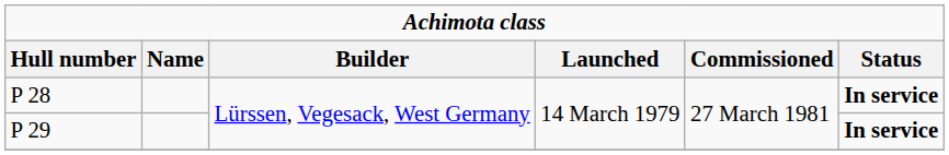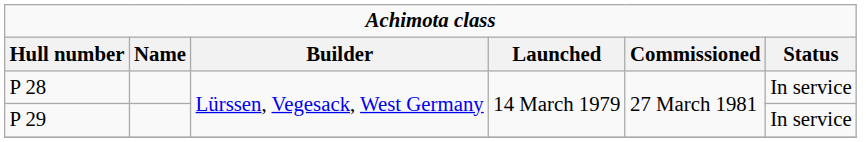 <table class="wikitable">
 <tr>
 <td colspan=6 align=center><strong><em>Achimota<em> class<strong></td>
 </tr>
 <tr>
 <th>Hull number</th>
 <th>Name</th>
 <th>Builder</th>
 <th>Launched</th>
 <th>Commissioned</th>
 <th>Status</th>
 </tr>
 <tr>
 <td>P 28</td>
 <td></td>
 <td rowspan=2><a href='#'>Lürssen</a>, <a href='#'>Vegesack</a>, <a href='#'>West Germany</a></td>
 <td rowspan=2>14 March 1979</td>
 <td rowspan=2>27 March 1981</td>
-<td><strong>In service</strong></td>
+<td>In service</td>
 </tr>
 <tr>
 <td>P 29</td>
 <td></td>
-<td><strong>In service</strong></td>
+<td>In service</td>
 </tr>
 <tr>
 </tr>
 </table>
